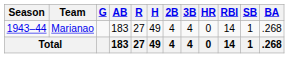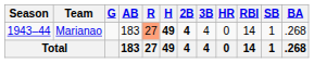 <table class="wikitable sortable" style="text-align:center">
 <tr>
 <th>Season</th>
 <th>Team</th>
 <th><a href='#'>G</a></th>
 <th><a href='#'>AB</a></th>
 <th><a href='#'>R</a></th>
 <th><a href='#'>H</a></th>
 <th><a href='#'>2B</a></th>
 <th><a href='#'>3B</a></th>
 <th><a href='#'>HR</a></th>
 <th><a href='#'>RBI</a></th>
 <th><a href='#'>SB</a></th>
 <th><a href='#'>BA</a></th>
 </tr>
 <tr>
 <td><a href='#'>1943–44</a></td>
 <td><a href='#'>Marianao</a></td>
 <td></td>
 <td>183</td>
-<td>27</td>
-<td>49</td>
-<td>4</td>
+<td style="background: lightsalmon;">27</td>
+<td><strong>49</strong></td>
+<td><strong>4</strong></td>
 <td>4</td>
 <td>0</td>
 <td>14</td>
 <td>1</td>
 <td>.268</td>
 </tr>
 <tr>
 <th colspan=2>Total</th>
 <th></th>
 <th>183</th>
 <th>27</th>
 <th>49</th>
 <th>4</th>
 <th>4</th>
 <th>0</th>
 <th>14</th>
 <th>1</th>
 <th>.268</th>
 </tr>
 </table>
